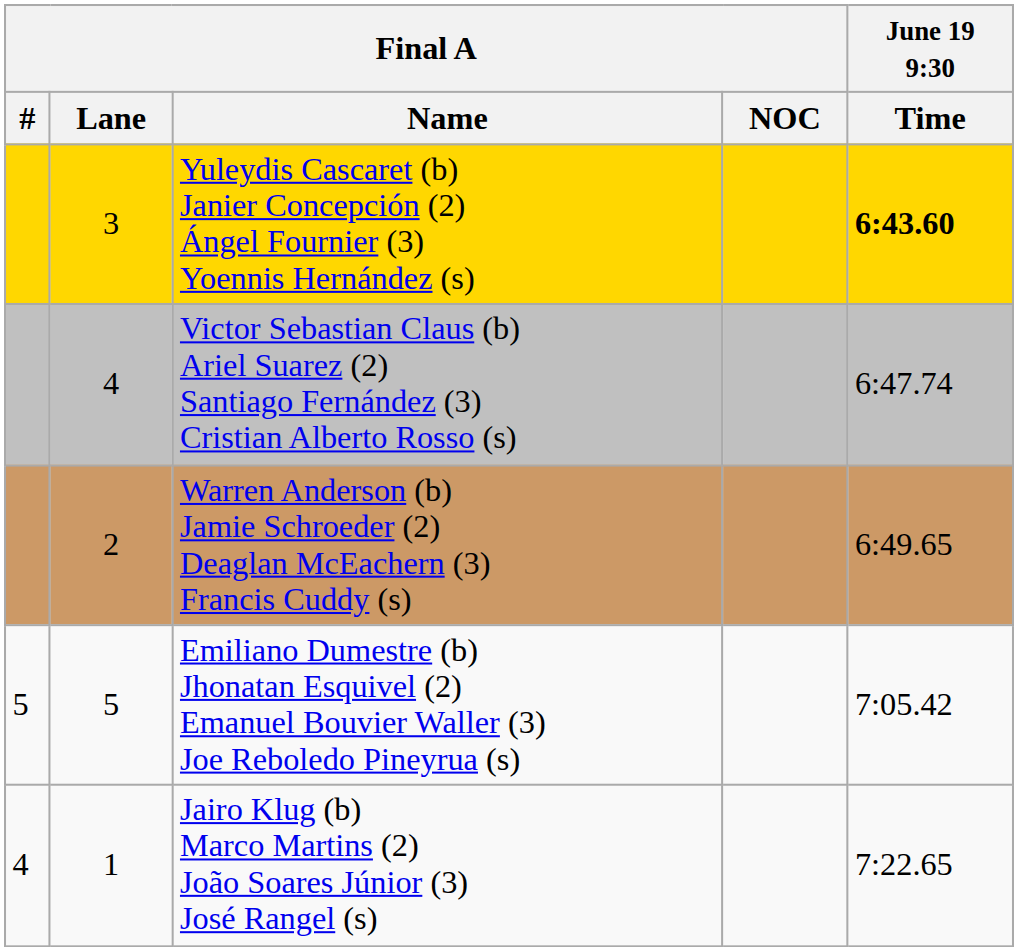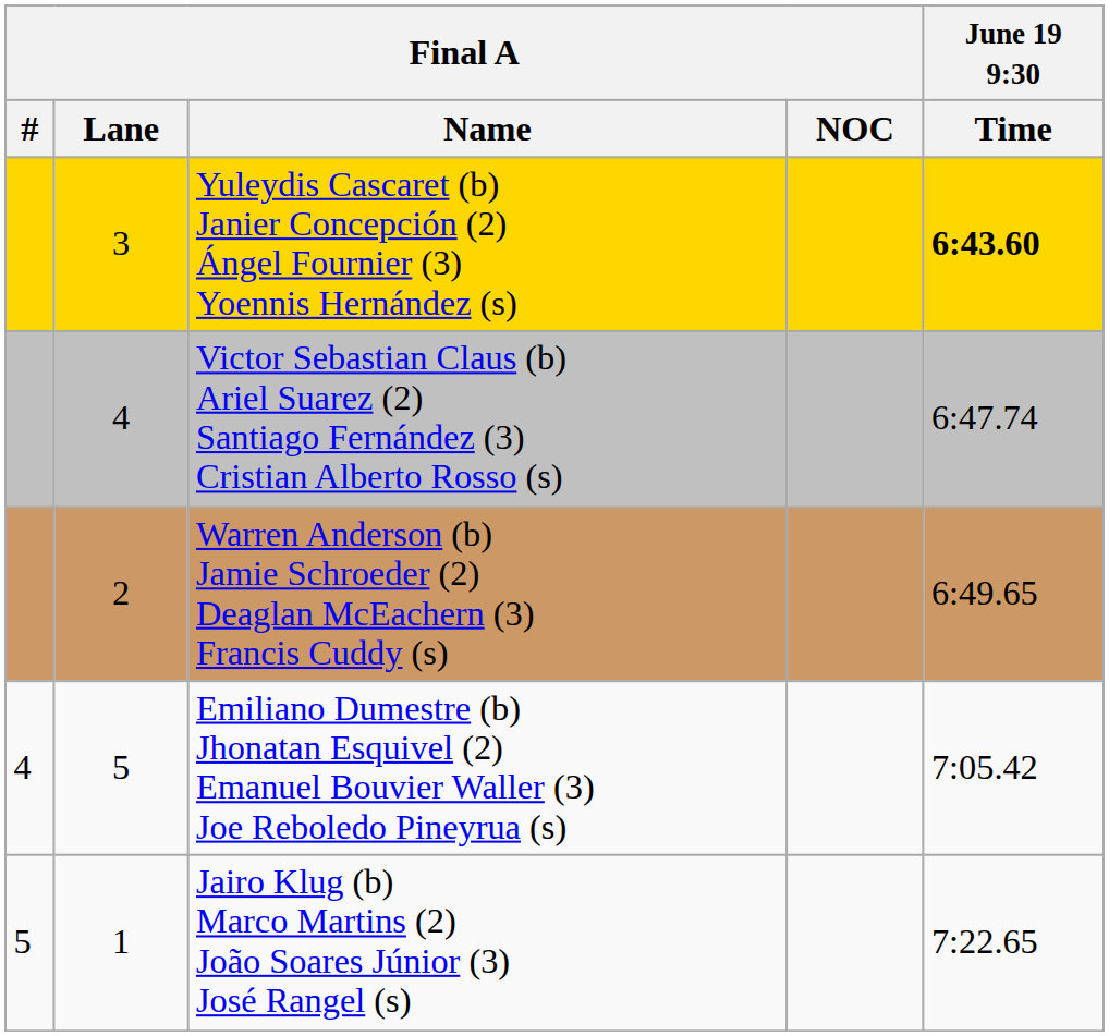 <table class="wikitable" width=500>
 <tr>
 <th colspan=4>Final A</th>
 <th colspan=2><small>June 19<br>9:30</small></th>
 </tr>
 <tr>
 <th>#</th>
 <th>Lane</th>
 <th>Name</th>
 <th>NOC</th>
 <th>Time</th>
 </tr>
 <tr bgcolor=gold>
 <td></td>
 <td align=center>3</td>
 <td><a href='#'>Yuleydis Cascaret</a> (b)<br><a href='#'>Janier Concepción</a> (2)<br><a href='#'>Ángel Fournier</a> (3)<br><a href='#'>Yoennis Hernández</a> (s)</td>
 <td></td>
 <td><strong>6:43.60</strong></td>
 </tr>
 <tr bgcolor=silver>
 <td></td>
 <td align=center>4</td>
 <td><a href='#'>Victor Sebastian Claus</a> (b)<br><a href='#'>Ariel Suarez</a> (2)<br><a href='#'>Santiago Fernández</a> (3)<br><a href='#'>Cristian Alberto Rosso</a> (s)</td>
 <td></td>
 <td>6:47.74</td>
 </tr>
 <tr bgcolor=cc9966>
 <td></td>
 <td align=center>2</td>
 <td><a href='#'>Warren Anderson</a> (b)<br><a href='#'>Jamie Schroeder</a> (2)<br><a href='#'>Deaglan McEachern</a> (3)<br><a href='#'>Francis Cuddy</a> (s)</td>
 <td></td>
 <td>6:49.65</td>
 </tr>
 <tr>
-<td>5</td>
+<td>4</td>
 <td align=center>5</td>
 <td><a href='#'>Emiliano Dumestre</a> (b)<br><a href='#'>Jhonatan Esquivel</a> (2)<br><a href='#'>Emanuel Bouvier Waller</a> (3)<br><a href='#'>Joe Reboledo Pineyrua</a> (s)</td>
 <td></td>
 <td>7:05.42</td>
 </tr>
 <tr>
-<td>4</td>
+<td>5</td>
 <td align=center>1</td>
 <td><a href='#'>Jairo Klug</a> (b)<br><a href='#'>Marco Martins</a> (2)<br><a href='#'>João Soares Júnior</a> (3)<br><a href='#'>José Rangel</a> (s)</td>
 <td></td>
 <td>7:22.65</td>
 </tr>
 </table>
